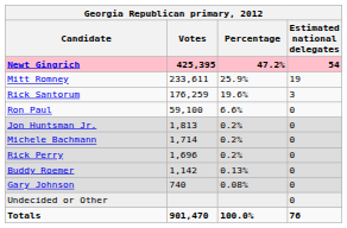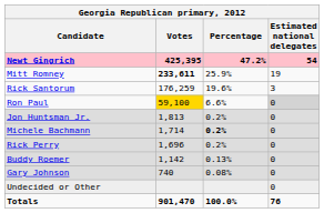 <table class="wikitable">
 <tr>
 <th colspan="4">Georgia Republican primary, 2012</th>
 </tr>
 <tr>
 <th style="width: 17em">Candidate</th>
 <th style="width: 5em">Votes</th>
 <th style="width: 7em">Percentage</th>
 <th style="width: 5em">Estimated national delegates </th>
 </tr>
 <tr align="right" bgcolor="pink">
 <td align="left"> <strong><a href='#'>Newt Gingrich</a></strong></td>
 <td><strong>425,395</strong></td>
 <td><strong>47.2%</strong></td>
 <td><strong>54</strong></td>
 </tr>
 <tr>
 <td align="left"><a href='#'>Mitt Romney</a></td>
-<td>233,611</td>
+<td><strong>233,611</strong></td>
 <td>25.9%</td>
 <td>19</td>
 </tr>
 <tr>
 <td align="left"><a href='#'>Rick Santorum</a></td>
 <td>176,259</td>
 <td>19.6%</td>
 <td>3</td>
 </tr>
 <tr>
 <td align="left"><a href='#'>Ron Paul</a></td>
-<td>59,100</td>
+<td style="background: gold;">59,100</td>
 <td>6.6%</td>
-<td>0</td>
+<td style="background: lightgrey;">0</td>
 </tr>
 <tr bgcolor="DDDDDD">
 <td style="text-align:left;"><a href='#'>Jon Huntsman Jr.</a></td>
 <td>1,813</td>
 <td>0.2%</td>
 <td>0</td>
 </tr>
 <tr bgcolor="DDDDDD">
 <td style="text-align:left;"><a href='#'>Michele Bachmann</a></td>
 <td>1,714</td>
-<td>0.2%</td>
+<td><strong>0.2%</strong></td>
 <td>0</td>
 </tr>
 <tr bgcolor="DDDDDD">
 <td style="text-align:left;"><a href='#'>Rick Perry</a></td>
 <td>1,696</td>
 <td>0.2%</td>
 <td>0</td>
 </tr>
 <tr bgcolor="DDDDDD">
 <td style="text-align:left;"><a href='#'>Buddy Roemer</a></td>
 <td>1,142</td>
 <td>0.13%</td>
 <td>0</td>
 </tr>
 <tr bgcolor="DDDDDD">
 <td style="text-align:left;"><a href='#'>Gary Johnson</a></td>
 <td>740</td>
 <td>0.08%</td>
 <td>0</td>
 </tr>
 <tr bgcolor="#EEEEEE">
 <td align="left">Undecided or Other</td>
 <td></td>
 <td></td>
 <td>0</td>
 </tr>
 <tr>
 <td><strong>Totals</strong></td>
 <td><strong>901,470</strong></td>
 <td><strong>100.0%</strong></td>
 <td><strong>76</strong></td>
 </tr>
 </table>
